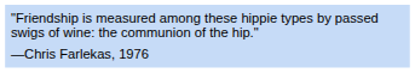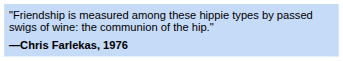 <table class="toccolours" style="float: right; margin-left: 1em; margin-right: 2em; font-size: 85%; background:#c6dbf7; color:black; width:30em; max-width: 40%;" cellspacing="5">
 <tr>
 <td style="text-align: left;">"Friendship is measured among these hippie types by passed swigs of wine: the communion of the hip."</td>
 </tr>
 <tr>
-<td style="text-align: left;">—Chris Farlekas, 1976</td>
+<td style="text-align: left;"><strong>—Chris Farlekas, 1976</strong></td>
 </tr>
 </table>
